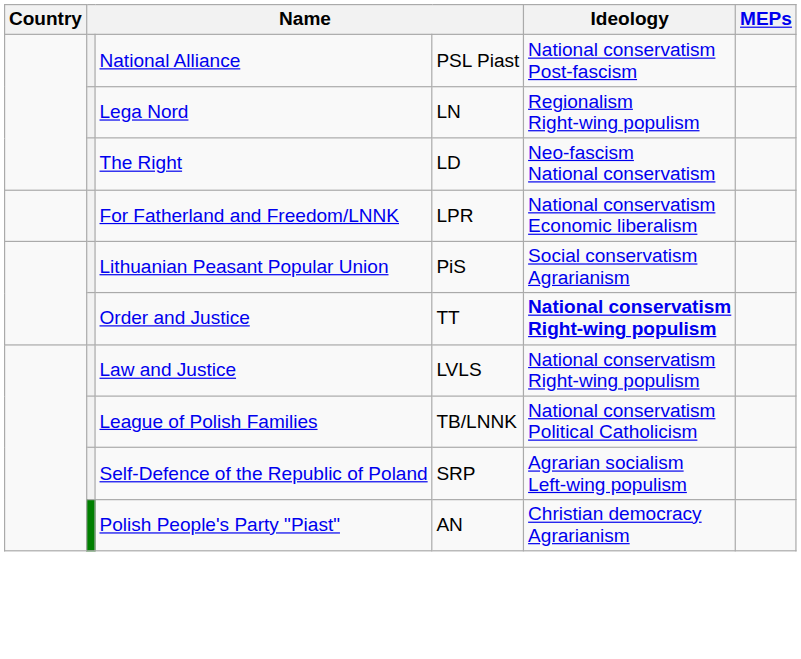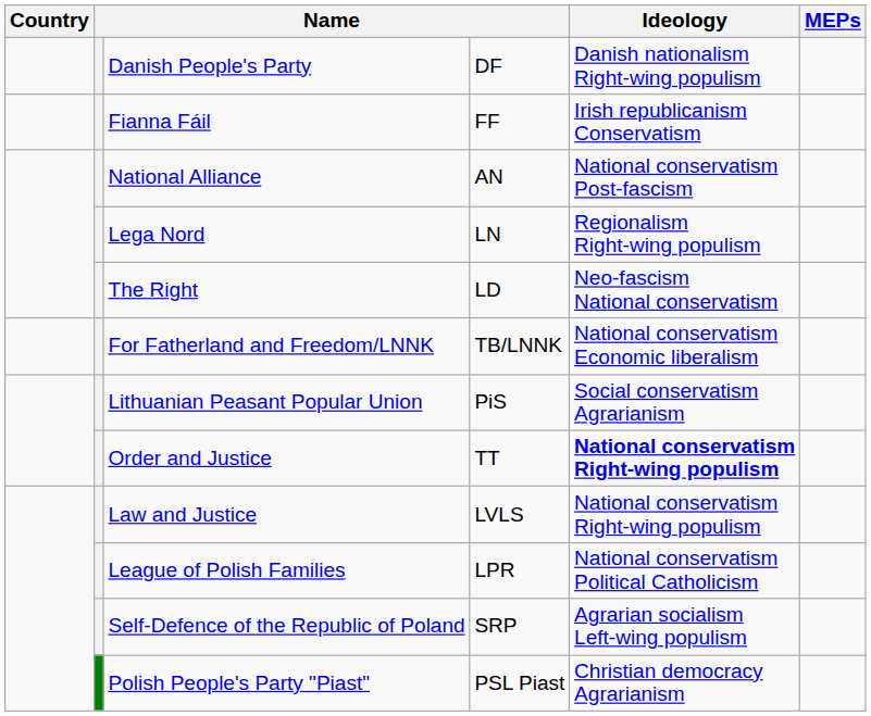 <table class="wikitable">
 <tr>
 <th>Country</th>
 <th colspan="3">Name</th>
 <th>Ideology</th>
 <th><a href='#'>MEPs</a></th>
 </tr>
 <tr>
+<td></td>
+<th style="background:"></th>
+<td><a href='#'>Danish People's Party</a></td>
+<td>DF</td>
+<td><a href='#'>Danish nationalism</a><br><a href='#'>Right-wing populism</a></td>
+<td></td>
+</tr>
+<tr>
+<td></td>
+<th style="background:"></th>
+<td><a href='#'>Fianna Fáil</a></td>
+<td>FF</td>
+<td><a href='#'>Irish republicanism</a><br><a href='#'>Conservatism</a></td>
+<td></td>
+</tr>
+<tr>
 <td rowspan="3"></td>
 <th style="background:"></th>
 <td><a href='#'>National Alliance</a></td>
-<td>PSL Piast</td>
+<td>AN</td>
 <td><a href='#'>National conservatism</a><br><a href='#'>Post-fascism</a></td>
 <td></td>
 </tr>
 <tr>
 <th style="background:"></th>
 <td><a href='#'>Lega Nord</a></td>
 <td>LN</td>
 <td><a href='#'>Regionalism</a><br><a href='#'>Right-wing populism</a></td>
 <td></td>
 </tr>
 <tr>
 <th style="background:"></th>
 <td><a href='#'>The Right</a></td>
 <td>LD</td>
 <td><a href='#'>Neo-fascism</a><br><a href='#'>National conservatism</a></td>
 <td></td>
 </tr>
 <tr>
 <td></td>
 <th style="background:"></th>
 <td><a href='#'>For Fatherland and Freedom/LNNK</a></td>
-<td>LPR</td>
+<td>TB/LNNK</td>
 <td><a href='#'>National conservatism</a><br><a href='#'>Economic liberalism</a></td>
 <td></td>
 </tr>
 <tr>
 <td rowspan="2"></td>
 <th style="background:"></th>
 <td><a href='#'>Lithuanian Peasant Popular Union</a></td>
 <td>PiS</td>
 <td><a href='#'>Social conservatism</a><br><a href='#'>Agrarianism</a></td>
 <td></td>
 </tr>
 <tr>
 <th style="background:"></th>
 <td><a href='#'>Order and Justice</a></td>
 <td>TT</td>
 <td><strong><a href='#'>National conservatism</a><br><a href='#'>Right-wing populism</a></strong></td>
 <td></td>
 </tr>
 <tr>
 <td rowspan="4"></td>
 <th style="background:"></th>
 <td><a href='#'>Law and Justice</a></td>
 <td>LVLS</td>
 <td><a href='#'>National conservatism</a><br><a href='#'>Right-wing populism</a></td>
 <td></td>
 </tr>
 <tr>
 <th style="background:"></th>
 <td><a href='#'>League of Polish Families</a></td>
-<td>TB/LNNK</td>
+<td>LPR</td>
 <td><a href='#'>National conservatism</a><br><a href='#'>Political Catholicism</a></td>
 <td></td>
 </tr>
 <tr>
 <th style="background:"></th>
 <td><a href='#'>Self-Defence of the Republic of Poland</a></td>
 <td>SRP</td>
 <td><a href='#'>Agrarian socialism</a><br><a href='#'>Left-wing populism</a></td>
 <td></td>
 </tr>
 <tr>
 <th style="background:#008000"></th>
 <td><a href='#'>Polish People's Party "Piast"</a></td>
-<td>AN</td>
+<td>PSL Piast</td>
 <td><a href='#'>Christian democracy</a><br><a href='#'>Agrarianism</a></td>
 <td></td>
 </tr>
 </table>
